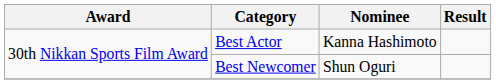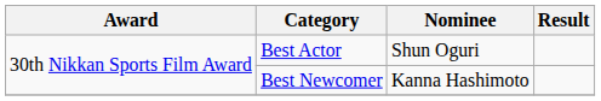 <table class="wikitable sortable">
 <tr>
 <th>Award</th>
 <th>Category</th>
 <th>Nominee</th>
 <th>Result</th>
 </tr>
 <tr>
 <td rowspan=2>30th <a href='#'>Nikkan Sports Film Award</a></td>
 <td><a href='#'>Best Actor</a></td>
-<td>Kanna Hashimoto</td>
+<td>Shun Oguri</td>
 <td></td>
 </tr>
 <tr>
 <td><a href='#'>Best Newcomer</a></td>
-<td>Shun Oguri</td>
+<td>Kanna Hashimoto</td>
 <td></td>
 </tr>
 <tr>
 </tr>
 </table>
